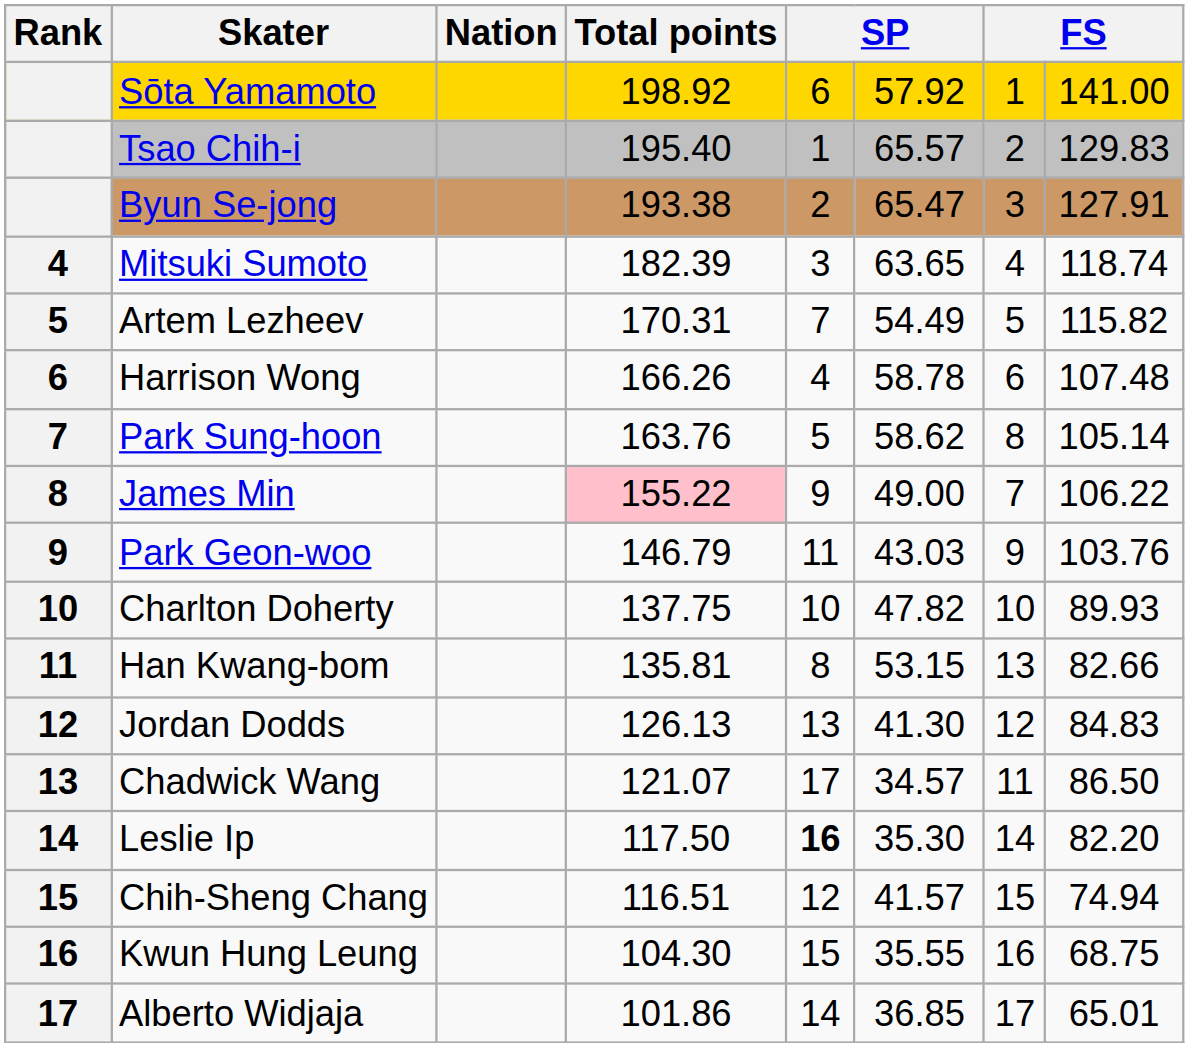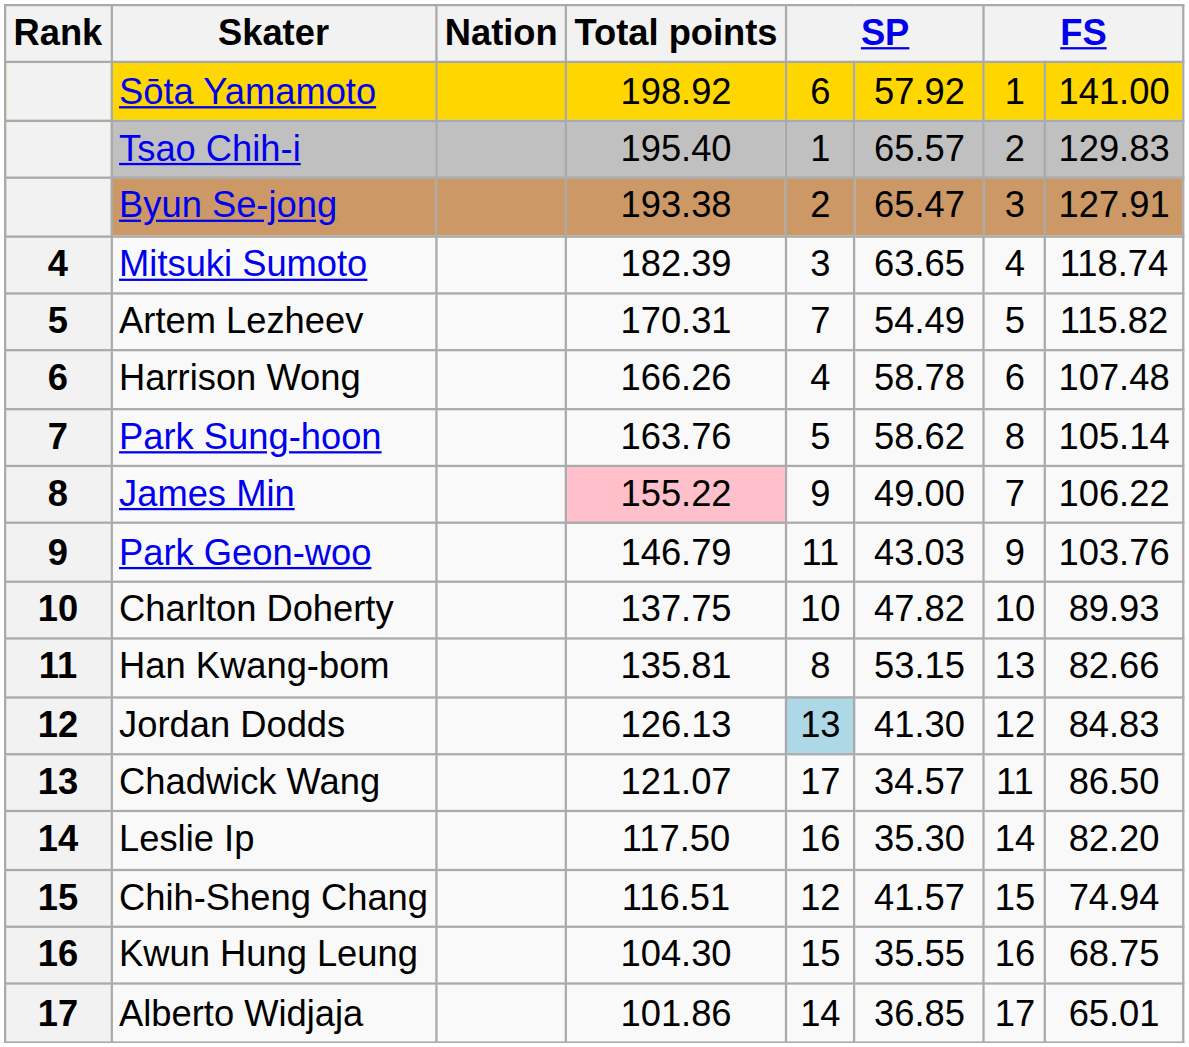 <table class="wikitable sortable" style="text-align:left">
 <tr>
 <th scope="col">Rank</th>
 <th scope="col">Skater</th>
 <th scope="col">Nation</th>
 <th scope="col">Total points</th>
 <th scope="col" colspan="2" width="80px"><a href='#'>SP</a></th>
 <th scope="col" colspan="2" width="80px"><a href='#'>FS</a></th>
 </tr>
 <tr bgcolor="gold">
 <th scope="row"></th>
 <td><a href='#'>Sōta Yamamoto</a></td>
 <td></td>
 <td align="center">198.92</td>
 <td align="center">6</td>
 <td align="center">57.92</td>
 <td align="center">1</td>
 <td align="center">141.00</td>
 </tr>
 <tr bgcolor="silver">
 <th scope="row"></th>
 <td><a href='#'>Tsao Chih-i</a></td>
 <td></td>
 <td align="center">195.40</td>
 <td align="center">1</td>
 <td align="center">65.57</td>
 <td align="center">2</td>
 <td align="center">129.83</td>
 </tr>
 <tr bgcolor="cc9966">
 <th scope="row"></th>
 <td><a href='#'>Byun Se-jong</a></td>
 <td></td>
 <td align="center">193.38</td>
 <td align="center">2</td>
 <td align="center">65.47</td>
 <td align="center">3</td>
 <td align="center">127.91</td>
 </tr>
 <tr>
 <th scope="row">4</th>
 <td><a href='#'>Mitsuki Sumoto</a></td>
 <td></td>
 <td align="center">182.39</td>
 <td align="center">3</td>
 <td align="center">63.65</td>
 <td align="center">4</td>
 <td align="center">118.74</td>
 </tr>
 <tr>
 <th scope="row">5</th>
 <td>Artem Lezheev</td>
 <td></td>
 <td align="center">170.31</td>
 <td align="center">7</td>
 <td align="center">54.49</td>
 <td align="center">5</td>
 <td align="center">115.82</td>
 </tr>
 <tr>
 <th scope="row">6</th>
 <td>Harrison Wong</td>
 <td></td>
 <td align="center">166.26</td>
 <td align="center">4</td>
 <td align="center">58.78</td>
 <td align="center">6</td>
 <td align="center">107.48</td>
 </tr>
 <tr>
 <th scope="row">7</th>
 <td><a href='#'>Park Sung-hoon</a></td>
 <td></td>
 <td align="center">163.76</td>
 <td align="center">5</td>
 <td align="center">58.62</td>
 <td align="center">8</td>
 <td align="center">105.14</td>
 </tr>
 <tr>
 <th scope="row">8</th>
 <td><a href='#'>James Min</a></td>
 <td></td>
 <td align="center" style="background: pink;">155.22</td>
 <td align="center">9</td>
 <td align="center">49.00</td>
 <td align="center">7</td>
 <td align="center">106.22</td>
 </tr>
 <tr>
 <th scope="row">9</th>
 <td><a href='#'>Park Geon-woo</a></td>
 <td></td>
 <td align="center">146.79</td>
 <td align="center">11</td>
 <td align="center">43.03</td>
 <td align="center">9</td>
 <td align="center">103.76</td>
 </tr>
 <tr>
 <th scope="row">10</th>
 <td>Charlton Doherty</td>
 <td></td>
 <td align="center">137.75</td>
 <td align="center">10</td>
 <td align="center">47.82</td>
 <td align="center">10</td>
 <td align="center">89.93</td>
 </tr>
 <tr>
 <th scope="row">11</th>
 <td>Han Kwang-bom</td>
 <td></td>
 <td align="center">135.81</td>
 <td align="center">8</td>
 <td align="center">53.15</td>
 <td align="center">13</td>
 <td align="center">82.66</td>
 </tr>
 <tr>
 <th scope="row">12</th>
 <td>Jordan Dodds</td>
 <td></td>
 <td align="center">126.13</td>
-<td align="center">13</td>
+<td align="center" style="background: lightblue;">13</td>
 <td align="center">41.30</td>
 <td align="center">12</td>
 <td align="center">84.83</td>
 </tr>
 <tr>
 <th scope="row">13</th>
 <td>Chadwick Wang</td>
 <td></td>
 <td align="center">121.07</td>
 <td align="center">17</td>
 <td align="center">34.57</td>
 <td align="center">11</td>
 <td align="center">86.50</td>
 </tr>
 <tr>
 <th scope="row">14</th>
 <td>Leslie Ip</td>
 <td></td>
 <td align="center">117.50</td>
-<td align="center"><strong>16</strong></td>
+<td align="center">16</td>
 <td align="center">35.30</td>
 <td align="center">14</td>
 <td align="center">82.20</td>
 </tr>
 <tr>
 <th scope="row">15</th>
 <td>Chih-Sheng Chang</td>
 <td></td>
 <td align="center">116.51</td>
 <td align="center">12</td>
 <td align="center">41.57</td>
 <td align="center">15</td>
 <td align="center">74.94</td>
 </tr>
 <tr>
 <th scope="row">16</th>
 <td>Kwun Hung Leung</td>
 <td></td>
 <td align="center">104.30</td>
 <td align="center">15</td>
 <td align="center">35.55</td>
 <td align="center">16</td>
 <td align="center">68.75</td>
 </tr>
 <tr>
 <th scope="row">17</th>
 <td>Alberto Widjaja</td>
 <td></td>
 <td align="center">101.86</td>
 <td align="center">14</td>
 <td align="center">36.85</td>
 <td align="center">17</td>
 <td align="center">65.01</td>
 </tr>
 </table>
